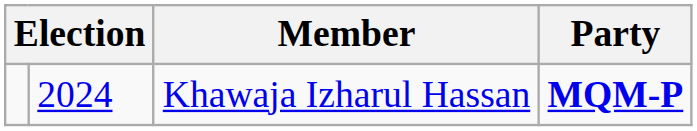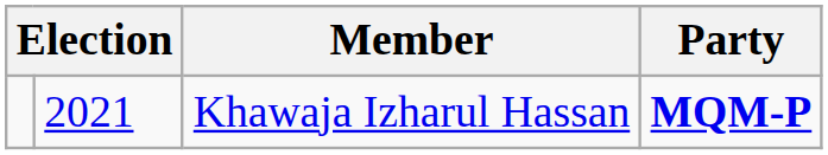 <table class="wikitable">
 <tr>
 <th colspan="2">Election</th>
 <th>Member</th>
 <th>Party</th>
 </tr>
 <tr>
 <td style="background-color: "></td>
-<td><a href='#'>2024</a></td>
+<td><a href='#'>2021</a></td>
 <td><a href='#'>Khawaja Izharul Hassan</a></td>
 <td><strong><a href='#'>MQM-P</a></strong></td>
 </tr>
 </table>
